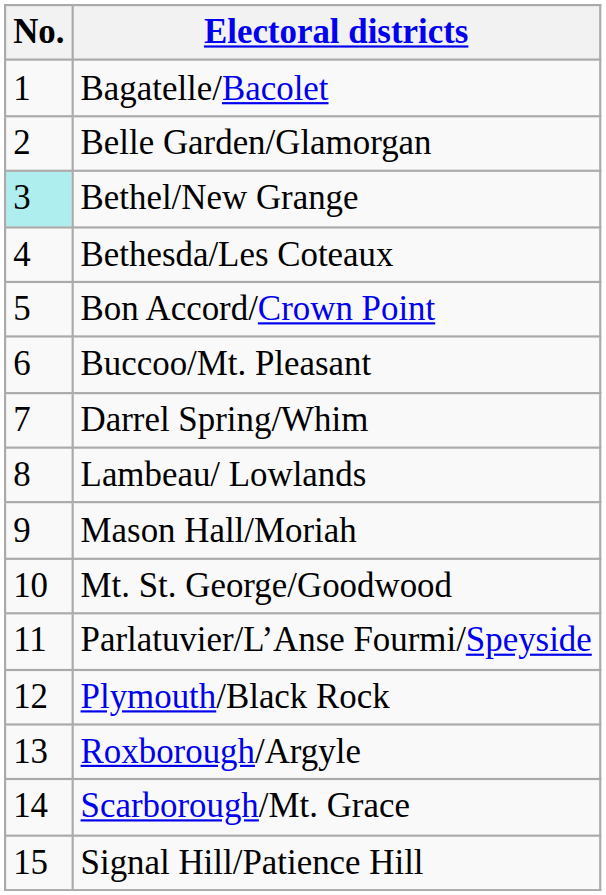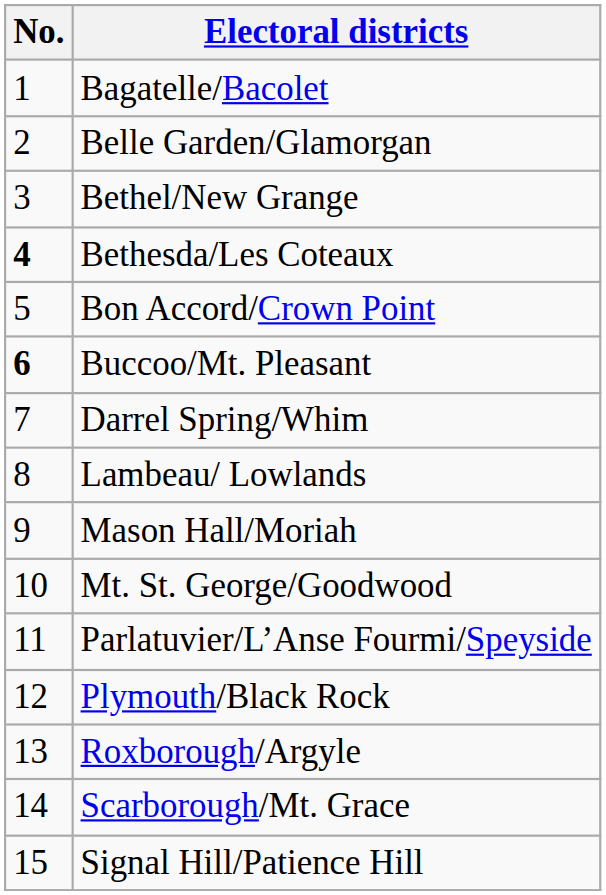 <table class="wikitable sortable">
 <tr>
 <th>No.</th>
 <th><a href='#'>Electoral districts</a></th>
 </tr>
 <tr>
 <td>1</td>
 <td>Bagatelle/<a href='#'>Bacolet</a></td>
 </tr>
 <tr>
 <td>2</td>
 <td>Belle Garden/Glamorgan</td>
 </tr>
 <tr>
-<td style="background: paleturquoise;">3</td>
+<td>3</td>
 <td>Bethel/New Grange</td>
 </tr>
 <tr>
-<td>4</td>
+<td><strong>4</strong></td>
 <td>Bethesda/Les Coteaux</td>
 </tr>
 <tr>
 <td>5</td>
 <td>Bon Accord/<a href='#'>Crown Point</a></td>
 </tr>
 <tr>
-<td>6</td>
+<td><strong>6</strong></td>
 <td>Buccoo/Mt. Pleasant</td>
 </tr>
 <tr>
 <td>7</td>
 <td>Darrel Spring/Whim</td>
 </tr>
 <tr>
 <td>8</td>
 <td>Lambeau/ Lowlands</td>
 </tr>
 <tr>
 <td>9</td>
 <td>Mason Hall/Moriah</td>
 </tr>
 <tr>
 <td>10</td>
 <td>Mt. St. George/Goodwood</td>
 </tr>
 <tr>
 <td>11</td>
 <td>Parlatuvier/L’Anse Fourmi/<a href='#'>Speyside</a></td>
 </tr>
 <tr>
 <td>12</td>
 <td><a href='#'>Plymouth</a>/Black Rock</td>
 </tr>
 <tr>
 <td>13</td>
 <td><a href='#'>Roxborough</a>/Argyle</td>
 </tr>
 <tr>
 <td>14</td>
 <td><a href='#'>Scarborough</a>/Mt. Grace</td>
 </tr>
 <tr>
 <td>15</td>
 <td>Signal Hill/Patience Hill</td>
 </tr>
 </table>
